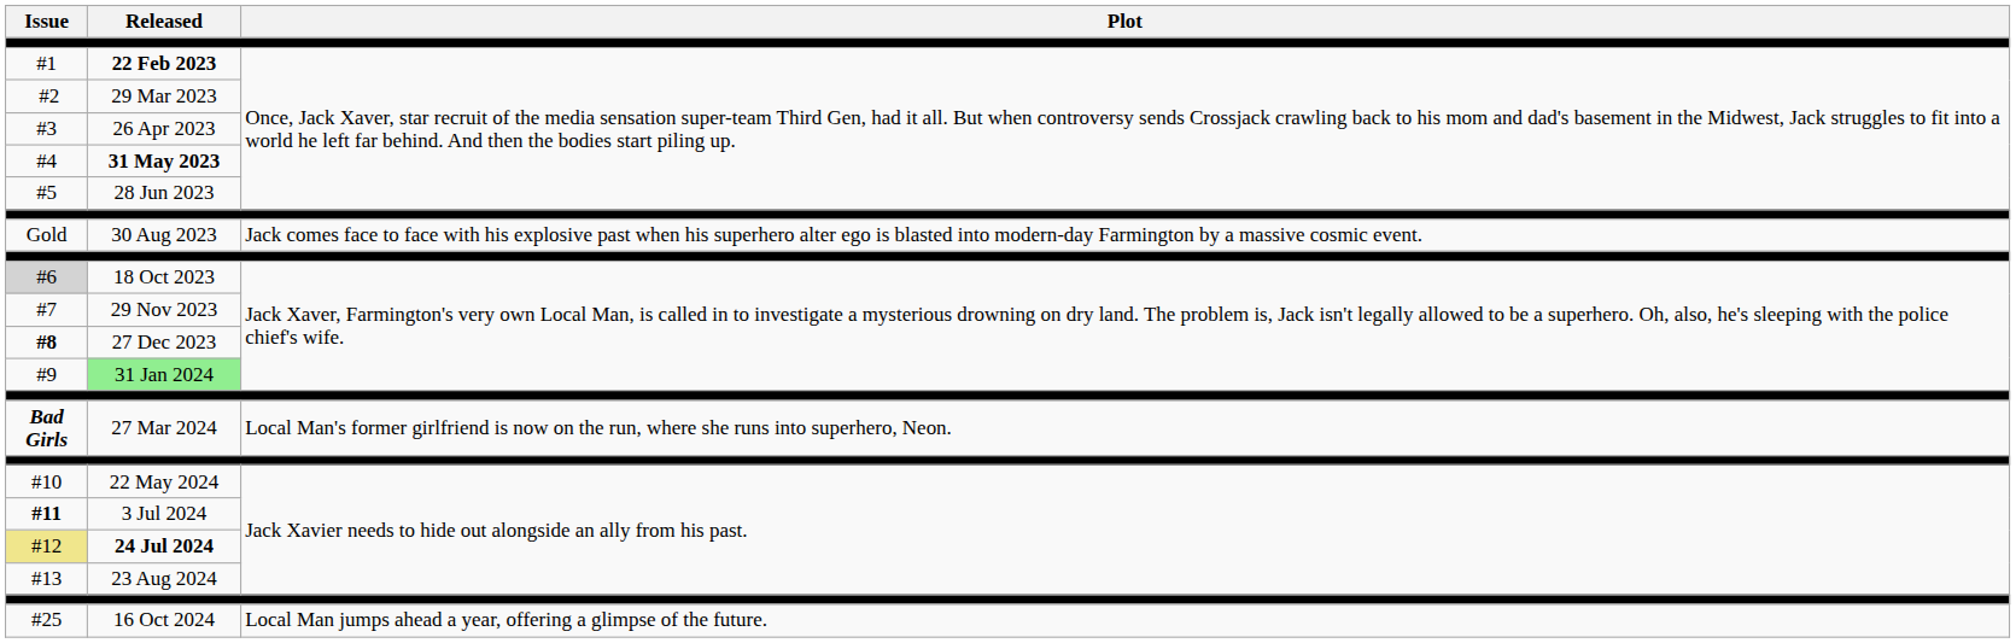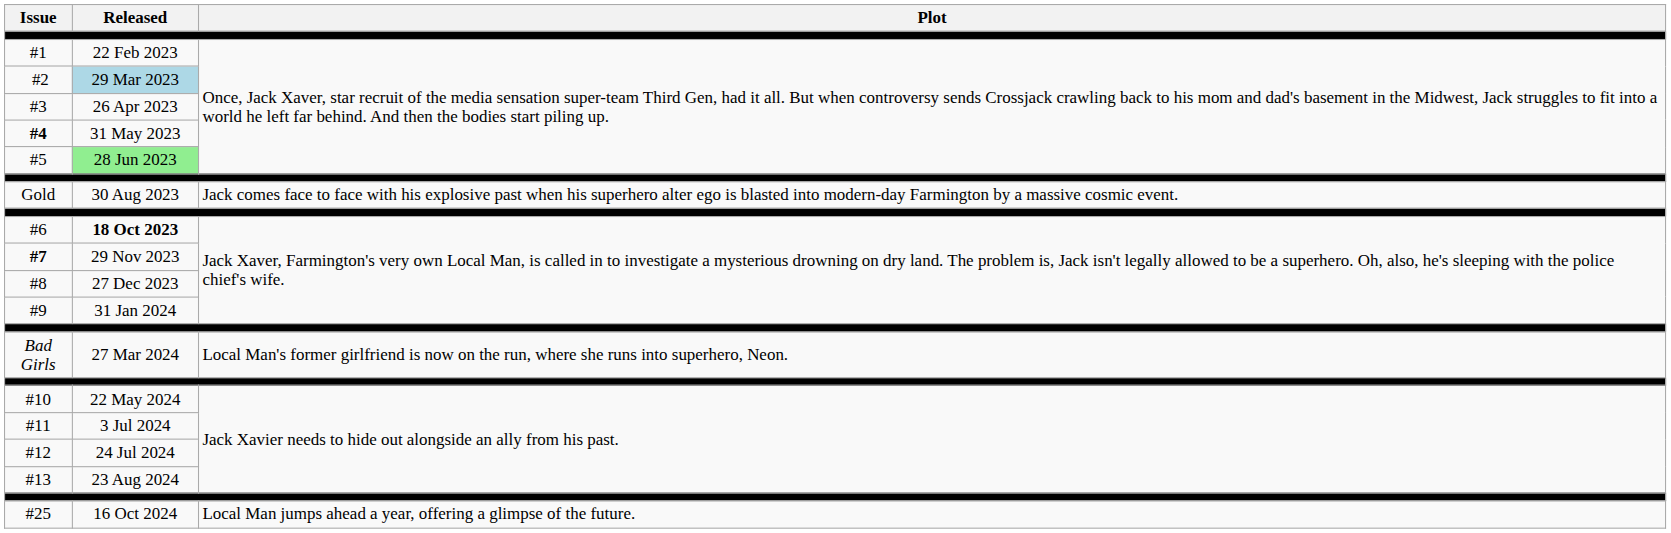 <table class="wikitable" style="text-align: center">
 <tr>
 <th>Issue</th>
 <th style="width: 7em">Released</th>
 <th>Plot</th>
 </tr>
 <tr>
 <td colspan="3" style=background:#000000></td>
 </tr>
 <tr>
 <td>#1</td>
-<td><strong>22 Feb 2023</strong></td>
+<td>22 Feb 2023</td>
 <td rowspan=5 align=left>Once, Jack Xaver, star recruit of the media sensation super-team Third Gen, had it all. But when controversy sends Crossjack crawling back to his mom and dad's basement in the Midwest, Jack struggles to fit into a world he left far behind. And then the bodies start piling up.</td>
 </tr>
 <tr>
 <td> #2</td>
-<td>29 Mar 2023</td>
+<td style="background: lightblue;">29 Mar 2023</td>
 </tr>
 <tr>
 <td>#3</td>
 <td>26 Apr 2023</td>
 </tr>
 <tr>
-<td>#4</td>
-<td><strong>31 May 2023</strong></td>
+<td><strong>#4</strong></td>
+<td>31 May 2023</td>
 </tr>
 <tr>
 <td>#5</td>
-<td>28 Jun 2023</td>
+<td style="background: lightgreen;">28 Jun 2023</td>
 </tr>
 <tr>
 <td colspan="3" style=background:#000000></td>
 </tr>
 <tr>
 <td>Gold</td>
 <td>30 Aug 2023</td>
 <td align=left>Jack comes face to face with his explosive past when his superhero alter ego is blasted into modern-day Farmington by a massive cosmic event.</td>
 </tr>
 <tr>
 <td colspan="3" style=background:#000000></td>
 </tr>
 <tr>
-<td style="background: lightgrey;">#6</td>
-<td>18 Oct 2023</td>
+<td>#6</td>
+<td><strong>18 Oct 2023</strong></td>
 <td rowspan="4" align=left>Jack Xaver, Farmington's very own Local Man, is called in to investigate a mysterious drowning on dry land. The problem is, Jack isn't legally allowed to be a superhero. Oh, also, he's sleeping with the police chief's wife.</td>
 </tr>
 <tr>
-<td>#7</td>
+<td><strong>#7</strong></td>
 <td>29 Nov 2023</td>
 </tr>
 <tr>
-<td><strong>#8</strong></td>
+<td>#8</td>
 <td>27 Dec 2023</td>
 </tr>
 <tr>
 <td>#9</td>
-<td style="background: lightgreen;">31 Jan 2024</td>
+<td>31 Jan 2024</td>
 </tr>
 <tr>
 <td colspan="3" style=background:#000000></td>
 </tr>
 <tr>
-<td><strong><em>Bad Girls</em></strong></td>
+<td><em>Bad Girls</em></td>
 <td>27 Mar 2024</td>
 <td align=left>Local Man's former girlfriend is now on the run, where she runs into superhero, Neon.</td>
 </tr>
 <tr>
 <td colspan="3" style=background:#000000></td>
 </tr>
 <tr>
 <td>#10</td>
 <td>22 May 2024</td>
 <td rowspan=4 align=left>Jack Xavier needs to hide out alongside an ally from his past.</td>
 </tr>
 <tr>
-<td><strong>#11</strong></td>
+<td>#11</td>
 <td>3 Jul 2024</td>
 </tr>
 <tr>
-<td style="background: khaki;">#12</td>
-<td><strong>24 Jul 2024</strong></td>
+<td>#12</td>
+<td>24 Jul 2024</td>
 </tr>
 <tr>
 <td>#13</td>
 <td>23 Aug 2024</td>
 </tr>
 <tr>
 <td colspan="3" style=background:#000000></td>
 </tr>
 <tr>
 <td>#25</td>
 <td>16 Oct 2024</td>
 <td rowspan=4 align=left>Local Man jumps ahead a year, offering a glimpse of the future.</td>
 </tr>
 </table>
